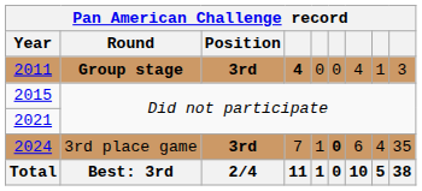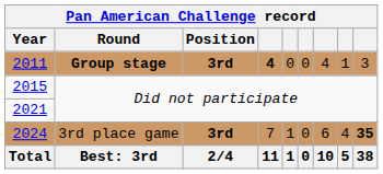 <table class="wikitable" style="text-align: center;">
 <tr>
 <th colspan=10><a href='#'>Pan American Challenge</a> record</th>
 </tr>
 <tr>
 <th>Year</th>
 <th>Round</th>
 <th>Position</th>
 <th></th>
 <th></th>
 <th></th>
 <th></th>
 <th></th>
 <th></th>
 </tr>
 <tr bgcolor=cc9966>
 <td> <a href='#'>2011</a></td>
 <td><strong>Group stage</strong></td>
 <td><strong>3rd</strong></td>
 <td><strong>4</strong></td>
 <td>0</td>
 <td>0</td>
 <td>4</td>
 <td>1</td>
 <td>3</td>
 </tr>
 <tr>
 <td> <a href='#'>2015</a></td>
 <td colspan=8 rowspan=2><em>Did not participate</em></td>
 </tr>
 <tr>
 <td> <a href='#'>2021</a></td>
 </tr>
 <tr bgcolor=cc9966>
 <td> <a href='#'>2024</a></td>
 <td>3rd place game</td>
 <td><strong>3rd</strong></td>
 <td>7</td>
 <td>1</td>
-<td><strong>0</strong></td>
+<td>0</td>
 <td>6</td>
 <td>4</td>
-<td>35</td>
+<td><strong>35</strong></td>
 </tr>
 <tr>
 <th>Total</th>
 <th>Best: 3rd</th>
 <th>2/4</th>
 <th>11</th>
 <th>1</th>
 <th>0</th>
 <th>10</th>
 <th>5</th>
 <th>38</th>
 </tr>
 </table>
